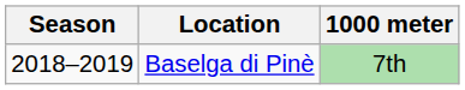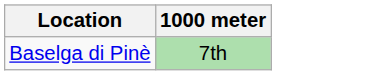 <table class="wikitable" style="display: inline-table;">
 <tr>
-<th>Season</th>
 <th>Location</th>
 <th colspan="1">1000 meter</th>
 </tr>
 <tr style="text-align:center">
-<td>2018–2019</td>
 <td align=left> <a href='#'>Baselga di Pinè</a></td>
 <td style="background:#addfad;">7th</td>
 </tr>
 </table>
